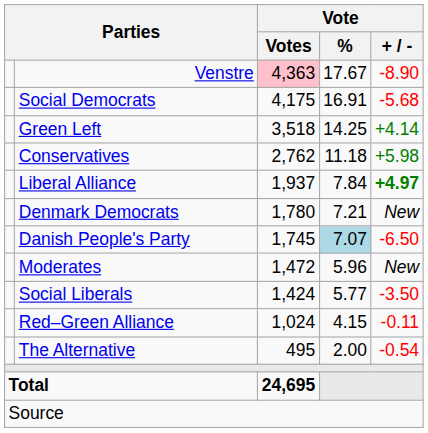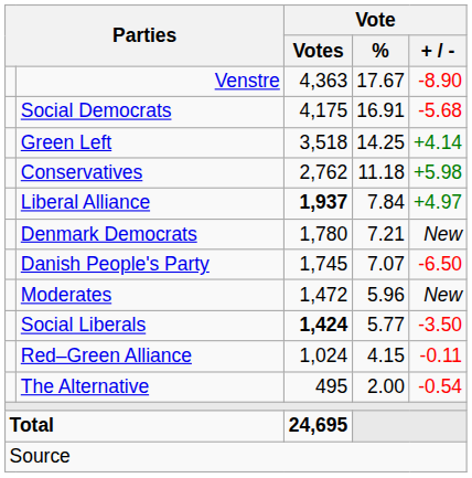 <table class="wikitable" style="text-align:right;">
 <tr>
 <th style="text-align:centre;" rowspan="2" colspan="2" width="225">Parties</th>
 <th colspan="3">Vote</th>
 </tr>
 <tr>
 <th width="15">Votes</th>
 <th width="15">%</th>
 <th width="15">+ / -</th>
 </tr>
 <tr>
 <td width=2 bgcolor=></td>
 <td><a href='#'>Venstre</a></td>
-<td style="background: pink;">4,363</td>
+<td>4,363</td>
 <td>17.67</td>
 <td style=color:red;>-8.90</td>
 </tr>
 <tr>
 <td width=2 bgcolor=></td>
 <td align=left><a href='#'>Social Democrats</a></td>
 <td>4,175</td>
 <td>16.91</td>
 <td style=color:red;>-5.68</td>
 </tr>
 <tr>
 <td width=2 bgcolor=></td>
 <td align=left><a href='#'>Green Left</a></td>
 <td>3,518</td>
 <td>14.25</td>
 <td style=color:green;>+4.14</td>
 </tr>
 <tr>
 <td width=2 bgcolor=></td>
 <td align=left><a href='#'>Conservatives</a></td>
 <td>2,762</td>
 <td>11.18</td>
 <td style=color:green;>+5.98</td>
 </tr>
 <tr>
 <td width=2 bgcolor=></td>
 <td align=left><a href='#'>Liberal Alliance</a></td>
-<td>1,937</td>
+<td><strong>1,937</strong></td>
 <td>7.84</td>
-<td style=color:green;><strong>+4.97</strong></td>
+<td style=color:green;>+4.97</td>
 </tr>
 <tr>
 <td width=2 bgcolor=></td>
 <td align=left><a href='#'>Denmark Democrats</a></td>
 <td>1,780</td>
 <td>7.21</td>
 <td><em>New</em></td>
 </tr>
 <tr>
 <td width=2 bgcolor=></td>
 <td align=left><a href='#'>Danish People's Party</a></td>
 <td>1,745</td>
-<td style="background: lightblue;">7.07</td>
+<td>7.07</td>
 <td style=color:red;>-6.50</td>
 </tr>
 <tr>
 <td width=2 bgcolor=></td>
 <td align=left><a href='#'>Moderates</a></td>
 <td>1,472</td>
 <td>5.96</td>
 <td><em>New</em></td>
 </tr>
 <tr>
 <td width=2 bgcolor=></td>
 <td align=left><a href='#'>Social Liberals</a></td>
-<td>1,424</td>
+<td><strong>1,424</strong></td>
 <td>5.77</td>
 <td style=color:red;>-3.50</td>
 </tr>
 <tr>
 <td width=2 bgcolor=></td>
 <td align=left><a href='#'>Red–Green Alliance</a></td>
 <td>1,024</td>
 <td>4.15</td>
 <td style=color:red;>-0.11</td>
 </tr>
 <tr>
 <td width=2 bgcolor=></td>
 <td align=left><a href='#'>The Alternative</a></td>
 <td>495</td>
 <td>2.00</td>
 <td style=color:red;>-0.54</td>
 </tr>
 <tr>
 <td colspan="7" bgcolor="#E9E9E9"></td>
 </tr>
 <tr>
 <td align="left" colspan="2"><strong>Total</strong></td>
 <td><strong>24,695</strong></td>
 <td bgcolor=#E9E9E9 colspan=2></td>
 </tr>
 <tr>
 <td align="left" colspan="6">Source</td>
 </tr>
 </table>
